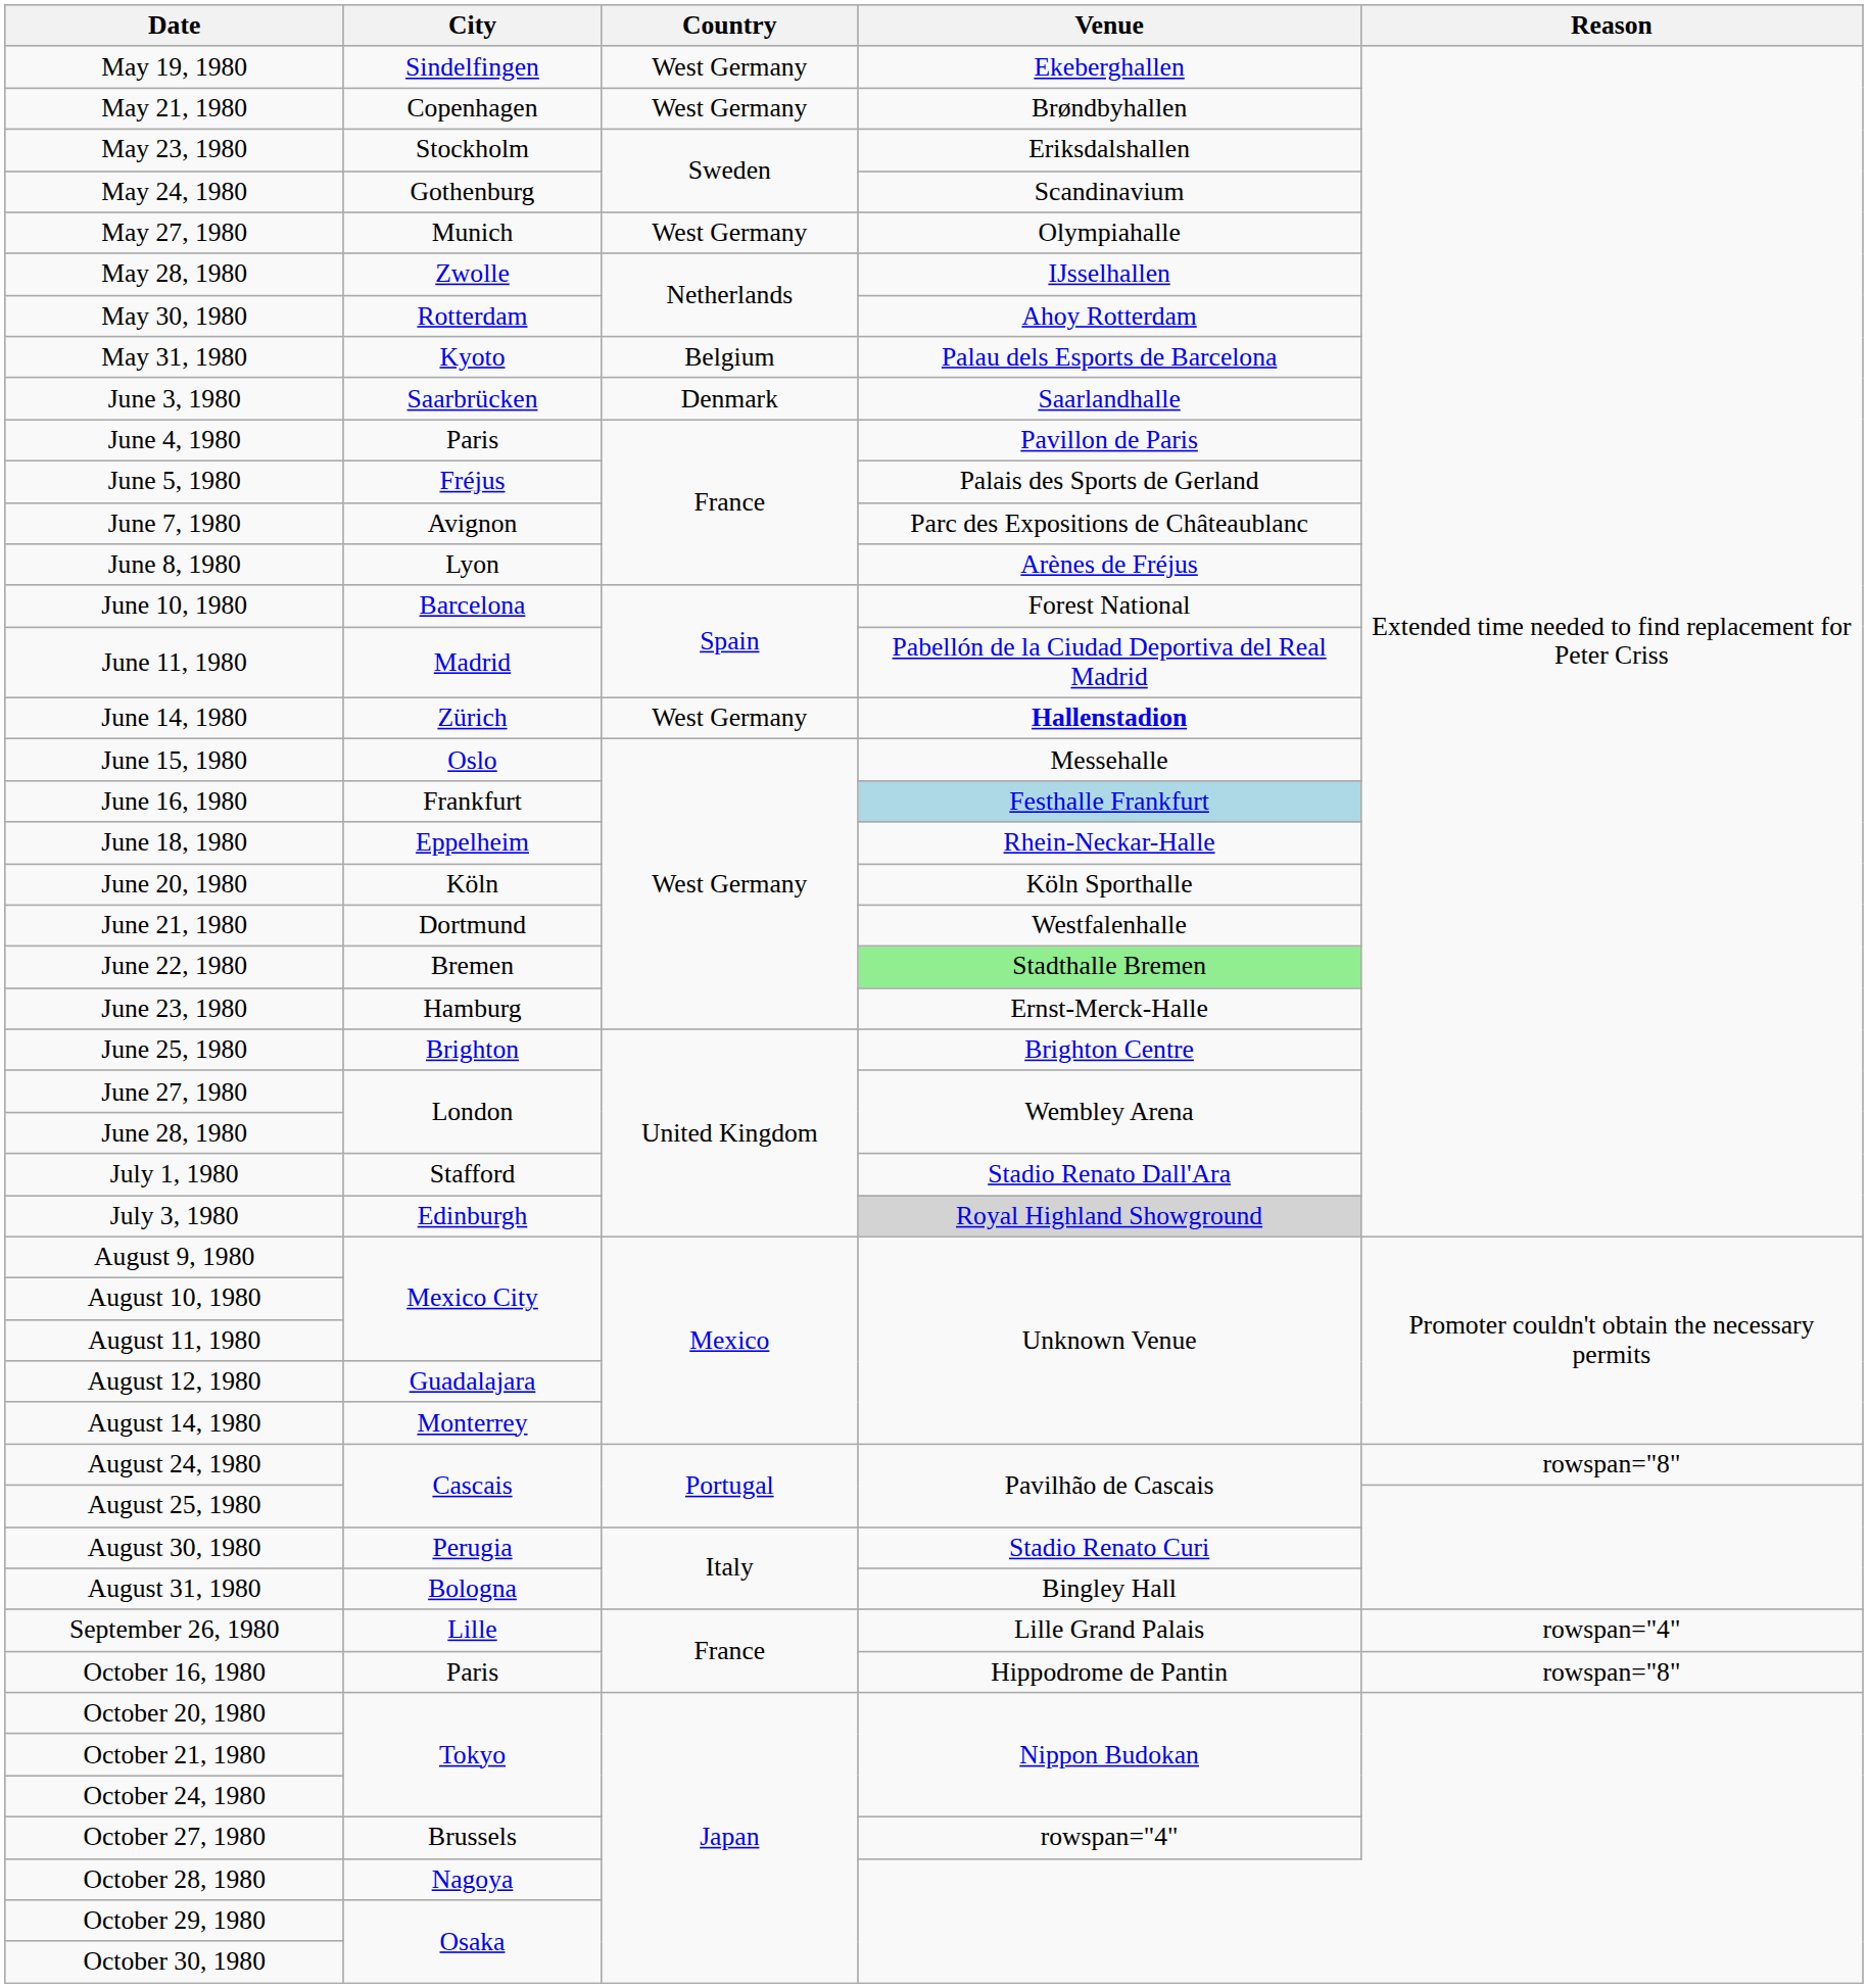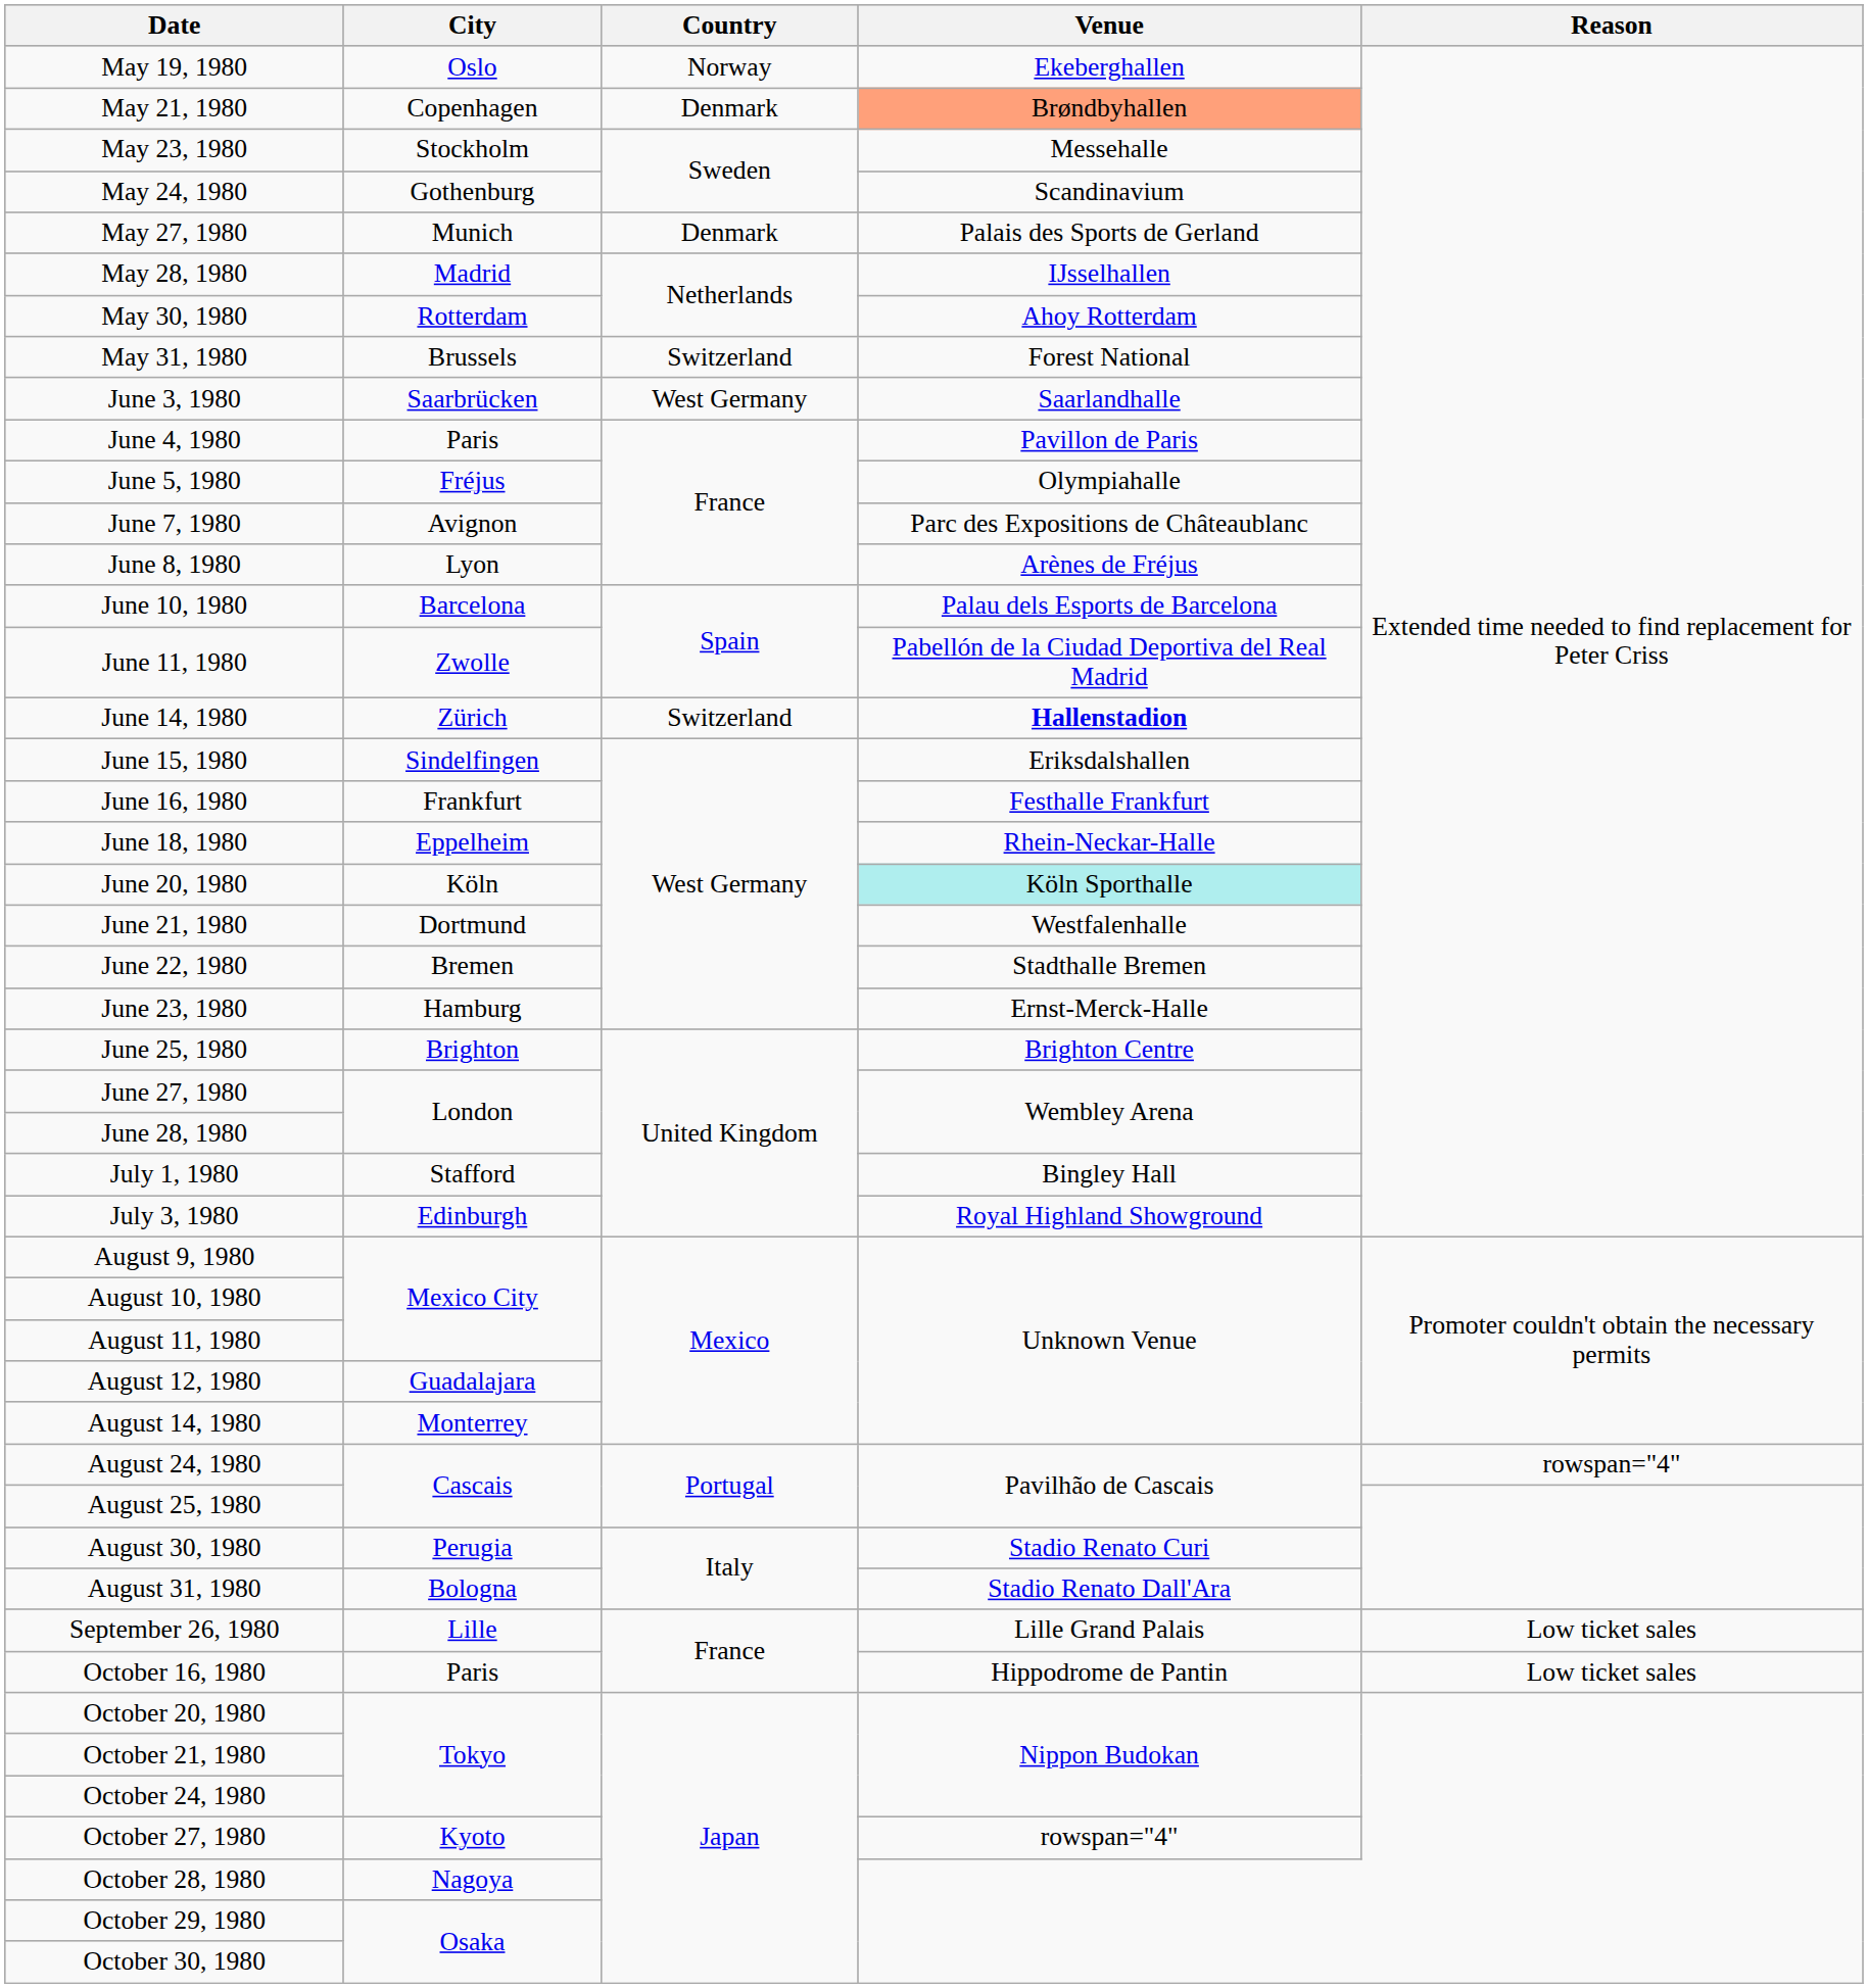 <table class="wikitable" style="text-align:center;">
 <tr>
 <th width="200">Date</th>
 <th width="150">City</th>
 <th width="150">Country</th>
 <th width="300">Venue</th>
 <th width="300">Reason</th>
 </tr>
 <tr>
 <td>May 19, 1980</td>
-<td><a href='#'>Sindelfingen</a></td>
-<td>West Germany</td>
+<td><a href='#'>Oslo</a></td>
+<td>Norway</td>
 <td><a href='#'>Ekeberghallen</a></td>
 <td rowspan="28">Extended time needed to find replacement for Peter Criss</td>
 </tr>
 <tr>
 <td>May 21, 1980</td>
 <td>Copenhagen</td>
-<td>West Germany</td>
-<td>Brøndbyhallen</td>
+<td>Denmark</td>
+<td style="background: lightsalmon;">Brøndbyhallen</td>
 </tr>
 <tr>
 <td>May 23, 1980</td>
 <td>Stockholm</td>
 <td rowspan="2">Sweden</td>
-<td>Eriksdalshallen</td>
+<td>Messehalle</td>
 </tr>
 <tr>
 <td>May 24, 1980</td>
 <td>Gothenburg</td>
 <td>Scandinavium</td>
 </tr>
 <tr>
 <td>May 27, 1980</td>
 <td>Munich</td>
-<td>West Germany</td>
-<td>Olympiahalle</td>
+<td>Denmark</td>
+<td>Palais des Sports de Gerland</td>
 </tr>
 <tr>
 <td>May 28, 1980</td>
-<td><a href='#'>Zwolle</a></td>
+<td><a href='#'>Madrid</a></td>
 <td rowspan="2">Netherlands</td>
 <td><a href='#'>IJsselhallen</a></td>
 </tr>
 <tr>
 <td>May 30, 1980</td>
 <td><a href='#'>Rotterdam</a></td>
 <td><a href='#'>Ahoy Rotterdam</a></td>
 </tr>
 <tr>
 <td>May 31, 1980</td>
-<td><a href='#'>Kyoto</a></td>
-<td>Belgium</td>
-<td><a href='#'>Palau dels Esports de Barcelona</a></td>
+<td>Brussels</td>
+<td>Switzerland</td>
+<td>Forest National</td>
 </tr>
 <tr>
 <td>June 3, 1980</td>
 <td><a href='#'>Saarbrücken</a></td>
-<td>Denmark</td>
+<td>West Germany</td>
 <td><a href='#'>Saarlandhalle</a></td>
 </tr>
 <tr>
 <td>June 4, 1980</td>
 <td>Paris</td>
 <td rowspan="4">France</td>
 <td><a href='#'>Pavillon de Paris</a></td>
 </tr>
 <tr>
 <td>June 5, 1980</td>
 <td><a href='#'>Fréjus</a></td>
-<td>Palais des Sports de Gerland</td>
+<td>Olympiahalle</td>
 </tr>
 <tr>
 <td>June 7, 1980</td>
 <td>Avignon</td>
 <td>Parc des Expositions de Châteaublanc</td>
 </tr>
 <tr>
 <td>June 8, 1980</td>
 <td>Lyon</td>
 <td><a href='#'>Arènes de Fréjus</a></td>
 </tr>
 <tr>
 <td>June 10, 1980</td>
 <td><a href='#'>Barcelona</a></td>
 <td rowspan="2"><a href='#'>Spain</a></td>
-<td>Forest National</td>
+<td><a href='#'>Palau dels Esports de Barcelona</a></td>
 </tr>
 <tr>
 <td>June 11, 1980</td>
-<td><a href='#'>Madrid</a></td>
+<td><a href='#'>Zwolle</a></td>
 <td><a href='#'>Pabellón de la Ciudad Deportiva del Real Madrid</a></td>
 </tr>
 <tr>
 <td>June 14, 1980</td>
 <td><a href='#'>Zürich</a></td>
-<td>West Germany</td>
+<td>Switzerland</td>
 <td><strong><a href='#'>Hallenstadion</a></strong></td>
 </tr>
 <tr>
 <td>June 15, 1980</td>
-<td><a href='#'>Oslo</a></td>
+<td><a href='#'>Sindelfingen</a></td>
 <td rowspan="7">West Germany</td>
-<td>Messehalle</td>
+<td>Eriksdalshallen</td>
 </tr>
 <tr>
 <td>June 16, 1980</td>
 <td>Frankfurt</td>
-<td style="background: lightblue;"><a href='#'>Festhalle Frankfurt</a></td>
+<td><a href='#'>Festhalle Frankfurt</a></td>
 </tr>
 <tr>
 <td>June 18, 1980</td>
 <td><a href='#'>Eppelheim</a></td>
 <td><a href='#'>Rhein-Neckar-Halle</a></td>
 </tr>
 <tr>
 <td>June 20, 1980</td>
 <td>Köln</td>
-<td>Köln Sporthalle</td>
+<td style="background: paleturquoise;">Köln Sporthalle</td>
 </tr>
 <tr>
 <td>June 21, 1980</td>
 <td>Dortmund</td>
 <td>Westfalenhalle</td>
 </tr>
 <tr>
 <td>June 22, 1980</td>
 <td>Bremen</td>
-<td style="background: lightgreen;">Stadthalle Bremen</td>
+<td>Stadthalle Bremen</td>
 </tr>
 <tr>
 <td>June 23, 1980</td>
 <td>Hamburg</td>
 <td>Ernst-Merck-Halle</td>
 </tr>
 <tr>
 <td>June 25, 1980</td>
 <td><a href='#'>Brighton</a></td>
 <td rowspan="5">United Kingdom</td>
 <td><a href='#'>Brighton Centre</a></td>
 </tr>
 <tr>
 <td>June 27, 1980</td>
 <td rowspan="2">London</td>
 <td rowspan="2">Wembley Arena</td>
 </tr>
 <tr>
 <td>June 28, 1980</td>
 </tr>
 <tr>
 <td>July 1, 1980</td>
 <td>Stafford</td>
-<td><a href='#'>Stadio Renato Dall'Ara</a></td>
+<td>Bingley Hall</td>
 </tr>
 <tr>
 <td>July 3, 1980</td>
 <td><a href='#'>Edinburgh</a></td>
-<td style="background: lightgrey;"><a href='#'>Royal Highland Showground</a></td>
+<td><a href='#'>Royal Highland Showground</a></td>
 </tr>
 <tr>
 <td>August 9, 1980</td>
 <td rowspan="3"><a href='#'>Mexico City</a></td>
 <td rowspan="5"><a href='#'>Mexico</a></td>
 <td rowspan="5">Unknown Venue</td>
 <td rowspan="5">Promoter couldn't obtain the necessary permits</td>
 </tr>
 <tr>
 <td>August 10, 1980</td>
 </tr>
 <tr>
 <td>August 11, 1980</td>
 </tr>
 <tr>
 <td>August 12, 1980</td>
 <td><a href='#'>Guadalajara</a></td>
 </tr>
 <tr>
 <td>August 14, 1980</td>
 <td><a href='#'>Monterrey</a></td>
 </tr>
 <tr>
 <td>August 24, 1980</td>
 <td rowspan="2"><a href='#'>Cascais</a></td>
 <td rowspan="2"><a href='#'>Portugal</a></td>
 <td rowspan="2">Pavilhão de Cascais</td>
-<td>rowspan="8" </td>
+<td>rowspan="4" </td>
 </tr>
 <tr>
 <td>August 25, 1980</td>
 </tr>
 <tr>
 <td>August 30, 1980</td>
 <td><a href='#'>Perugia</a></td>
 <td rowspan="2">Italy</td>
 <td><a href='#'>Stadio Renato Curi</a></td>
 </tr>
 <tr>
 <td>August 31, 1980</td>
 <td><a href='#'>Bologna</a></td>
-<td>Bingley Hall</td>
+<td><a href='#'>Stadio Renato Dall'Ara</a></td>
 </tr>
 <tr>
 <td>September 26, 1980</td>
 <td><a href='#'>Lille</a></td>
 <td rowspan="2">France</td>
 <td>Lille Grand Palais</td>
-<td>rowspan="4" </td>
+<td>Low ticket sales</td>
 </tr>
 <tr>
 <td>October 16, 1980</td>
 <td>Paris</td>
 <td>Hippodrome de Pantin</td>
-<td>rowspan="8" </td>
+<td>Low ticket sales</td>
 </tr>
 <tr>
 <td>October 20, 1980</td>
 <td rowspan="3"><a href='#'>Tokyo</a></td>
 <td rowspan="7"><a href='#'>Japan</a></td>
 <td rowspan="3"><a href='#'>Nippon Budokan</a></td>
 </tr>
 <tr>
 <td>October 21, 1980</td>
 </tr>
 <tr>
 <td>October 24, 1980</td>
 </tr>
 <tr>
 <td>October 27, 1980</td>
-<td>Brussels</td>
+<td><a href='#'>Kyoto</a></td>
 <td>rowspan="4" </td>
 </tr>
 <tr>
 <td>October 28, 1980</td>
 <td><a href='#'>Nagoya</a></td>
 </tr>
 <tr>
 <td>October 29, 1980</td>
 <td rowspan="2"><a href='#'>Osaka</a></td>
 </tr>
 <tr>
 <td>October 30, 1980</td>
 </tr>
 </table>
